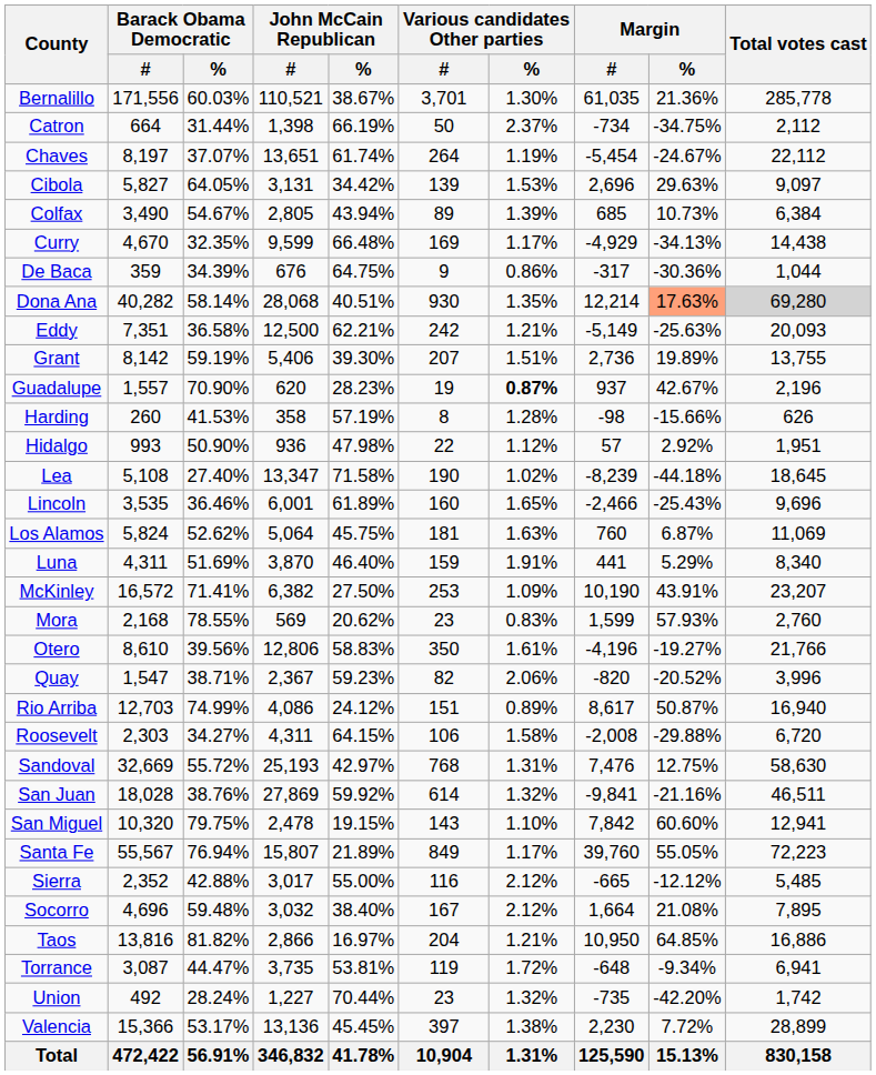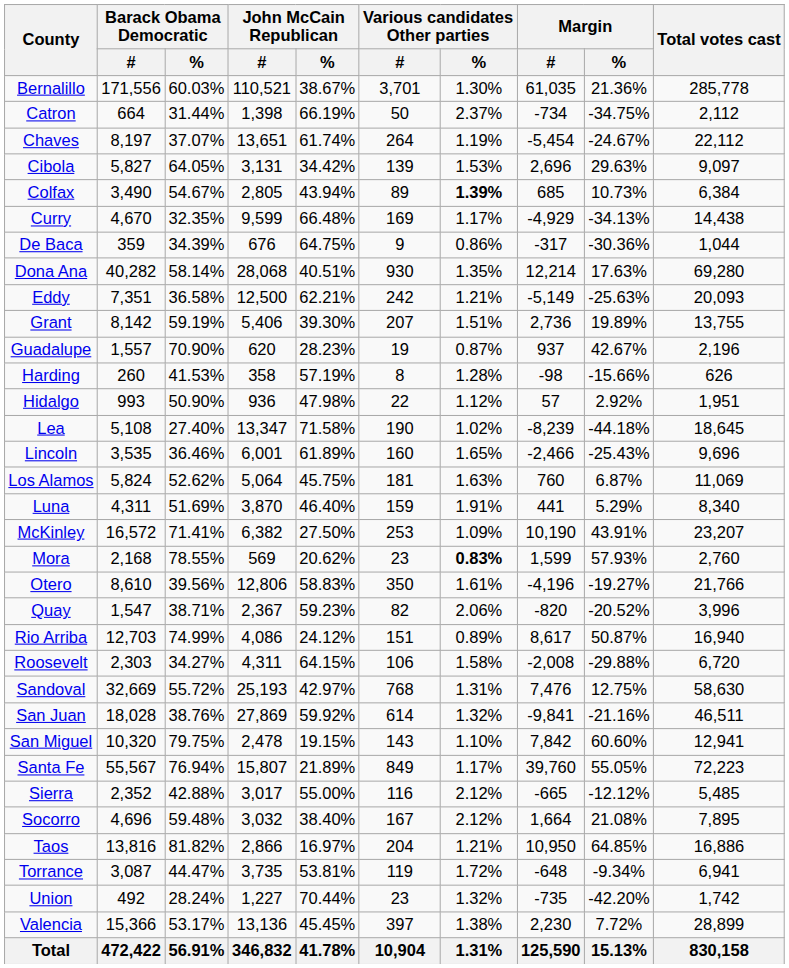 <table width="60%"  class="wikitable sortable" style="text-align:center">
 <tr>
 <th style="text-align:center;" rowspan="2">County</th>
 <th style="text-align:center;" colspan="2">Barack Obama<br>Democratic</th>
 <th style="text-align:center;" colspan="2">John McCain<br>Republican</th>
 <th style="text-align:center;" colspan="2">Various candidates<br>Other parties</th>
 <th style="text-align:center;" colspan="2">Margin</th>
 <th style="text-align:center;" rowspan="2">Total votes cast</th>
 </tr>
 <tr>
 <th style="text-align:center;" data-sort-type="number">#</th>
 <th style="text-align:center;" data-sort-type="number">%</th>
 <th style="text-align:center;" data-sort-type="number">#</th>
 <th style="text-align:center;" data-sort-type="number">%</th>
 <th style="text-align:center;" data-sort-type="number">#</th>
 <th style="text-align:center;" data-sort-type="number">%</th>
 <th style="text-align:center;" data-sort-type="number">#</th>
 <th style="text-align:center;" data-sort-type="number">%</th>
 </tr>
 <tr style="text-align:center;">
 <td><a href='#'>Bernalillo</a></td>
 <td>171,556</td>
 <td>60.03%</td>
 <td>110,521</td>
 <td>38.67%</td>
 <td>3,701</td>
 <td>1.30%</td>
 <td>61,035</td>
 <td>21.36%</td>
 <td>285,778</td>
 </tr>
 <tr style="text-align:center;">
 <td><a href='#'>Catron</a></td>
 <td>664</td>
 <td>31.44%</td>
 <td>1,398</td>
 <td>66.19%</td>
 <td>50</td>
 <td>2.37%</td>
 <td>-734</td>
 <td>-34.75%</td>
 <td>2,112</td>
 </tr>
 <tr style="text-align:center;">
 <td><a href='#'>Chaves</a></td>
 <td>8,197</td>
 <td>37.07%</td>
 <td>13,651</td>
 <td>61.74%</td>
 <td>264</td>
 <td>1.19%</td>
 <td>-5,454</td>
 <td>-24.67%</td>
 <td>22,112</td>
 </tr>
 <tr style="text-align:center;">
 <td><a href='#'>Cibola</a></td>
 <td>5,827</td>
 <td>64.05%</td>
 <td>3,131</td>
 <td>34.42%</td>
 <td>139</td>
 <td>1.53%</td>
 <td>2,696</td>
 <td>29.63%</td>
 <td>9,097</td>
 </tr>
 <tr style="text-align:center;">
 <td><a href='#'>Colfax</a></td>
 <td>3,490</td>
 <td>54.67%</td>
 <td>2,805</td>
 <td>43.94%</td>
 <td>89</td>
-<td>1.39%</td>
+<td><strong>1.39%</strong></td>
 <td>685</td>
 <td>10.73%</td>
 <td>6,384</td>
 </tr>
 <tr style="text-align:center;">
 <td><a href='#'>Curry</a></td>
 <td>4,670</td>
 <td>32.35%</td>
 <td>9,599</td>
 <td>66.48%</td>
 <td>169</td>
 <td>1.17%</td>
 <td>-4,929</td>
 <td>-34.13%</td>
 <td>14,438</td>
 </tr>
 <tr style="text-align:center;">
 <td><a href='#'>De Baca</a></td>
 <td>359</td>
 <td>34.39%</td>
 <td>676</td>
 <td>64.75%</td>
 <td>9</td>
 <td>0.86%</td>
 <td>-317</td>
 <td>-30.36%</td>
 <td>1,044</td>
 </tr>
 <tr style="text-align:center;">
 <td><a href='#'>Dona Ana</a></td>
 <td>40,282</td>
 <td>58.14%</td>
 <td>28,068</td>
 <td>40.51%</td>
 <td>930</td>
 <td>1.35%</td>
 <td>12,214</td>
-<td style="background: lightsalmon;">17.63%</td>
-<td style="background: lightgrey;">69,280</td>
+<td>17.63%</td>
+<td>69,280</td>
 </tr>
 <tr style="text-align:center;">
 <td><a href='#'>Eddy</a></td>
 <td>7,351</td>
 <td>36.58%</td>
 <td>12,500</td>
 <td>62.21%</td>
 <td>242</td>
 <td>1.21%</td>
 <td>-5,149</td>
 <td>-25.63%</td>
 <td>20,093</td>
 </tr>
 <tr style="text-align:center;">
 <td><a href='#'>Grant</a></td>
 <td>8,142</td>
 <td>59.19%</td>
 <td>5,406</td>
 <td>39.30%</td>
 <td>207</td>
 <td>1.51%</td>
 <td>2,736</td>
 <td>19.89%</td>
 <td>13,755</td>
 </tr>
 <tr style="text-align:center;">
 <td><a href='#'>Guadalupe</a></td>
 <td>1,557</td>
 <td>70.90%</td>
 <td>620</td>
 <td>28.23%</td>
 <td>19</td>
-<td><strong>0.87%</strong></td>
+<td>0.87%</td>
 <td>937</td>
 <td>42.67%</td>
 <td>2,196</td>
 </tr>
 <tr style="text-align:center;">
 <td><a href='#'>Harding</a></td>
 <td>260</td>
 <td>41.53%</td>
 <td>358</td>
 <td>57.19%</td>
 <td>8</td>
 <td>1.28%</td>
 <td>-98</td>
 <td>-15.66%</td>
 <td>626</td>
 </tr>
 <tr style="text-align:center;">
 <td><a href='#'>Hidalgo</a></td>
 <td>993</td>
 <td>50.90%</td>
 <td>936</td>
 <td>47.98%</td>
 <td>22</td>
 <td>1.12%</td>
 <td>57</td>
 <td>2.92%</td>
 <td>1,951</td>
 </tr>
 <tr style="text-align:center;">
 <td><a href='#'>Lea</a></td>
 <td>5,108</td>
 <td>27.40%</td>
 <td>13,347</td>
 <td>71.58%</td>
 <td>190</td>
 <td>1.02%</td>
 <td>-8,239</td>
 <td>-44.18%</td>
 <td>18,645</td>
 </tr>
 <tr style="text-align:center;">
 <td><a href='#'>Lincoln</a></td>
 <td>3,535</td>
 <td>36.46%</td>
 <td>6,001</td>
 <td>61.89%</td>
 <td>160</td>
 <td>1.65%</td>
 <td>-2,466</td>
 <td>-25.43%</td>
 <td>9,696</td>
 </tr>
 <tr style="text-align:center;">
 <td><a href='#'>Los Alamos</a></td>
 <td>5,824</td>
 <td>52.62%</td>
 <td>5,064</td>
 <td>45.75%</td>
 <td>181</td>
 <td>1.63%</td>
 <td>760</td>
 <td>6.87%</td>
 <td>11,069</td>
 </tr>
 <tr style="text-align:center;">
 <td><a href='#'>Luna</a></td>
 <td>4,311</td>
 <td>51.69%</td>
 <td>3,870</td>
 <td>46.40%</td>
 <td>159</td>
 <td>1.91%</td>
 <td>441</td>
 <td>5.29%</td>
 <td>8,340</td>
 </tr>
 <tr style="text-align:center;">
 <td><a href='#'>McKinley</a></td>
 <td>16,572</td>
 <td>71.41%</td>
 <td>6,382</td>
 <td>27.50%</td>
 <td>253</td>
 <td>1.09%</td>
 <td>10,190</td>
 <td>43.91%</td>
 <td>23,207</td>
 </tr>
 <tr style="text-align:center;">
 <td><a href='#'>Mora</a></td>
 <td>2,168</td>
 <td>78.55%</td>
 <td>569</td>
 <td>20.62%</td>
 <td>23</td>
-<td>0.83%</td>
+<td><strong>0.83%</strong></td>
 <td>1,599</td>
 <td>57.93%</td>
 <td>2,760</td>
 </tr>
 <tr style="text-align:center;">
 <td><a href='#'>Otero</a></td>
 <td>8,610</td>
 <td>39.56%</td>
 <td>12,806</td>
 <td>58.83%</td>
 <td>350</td>
 <td>1.61%</td>
 <td>-4,196</td>
 <td>-19.27%</td>
 <td>21,766</td>
 </tr>
 <tr style="text-align:center;">
 <td><a href='#'>Quay</a></td>
 <td>1,547</td>
 <td>38.71%</td>
 <td>2,367</td>
 <td>59.23%</td>
 <td>82</td>
 <td>2.06%</td>
 <td>-820</td>
 <td>-20.52%</td>
 <td>3,996</td>
 </tr>
 <tr style="text-align:center;">
 <td><a href='#'>Rio Arriba</a></td>
 <td>12,703</td>
 <td>74.99%</td>
 <td>4,086</td>
 <td>24.12%</td>
 <td>151</td>
 <td>0.89%</td>
 <td>8,617</td>
 <td>50.87%</td>
 <td>16,940</td>
 </tr>
 <tr style="text-align:center;">
 <td><a href='#'>Roosevelt</a></td>
 <td>2,303</td>
 <td>34.27%</td>
 <td>4,311</td>
 <td>64.15%</td>
 <td>106</td>
 <td>1.58%</td>
 <td>-2,008</td>
 <td>-29.88%</td>
 <td>6,720</td>
 </tr>
 <tr style="text-align:center;">
 <td><a href='#'>Sandoval</a></td>
 <td>32,669</td>
 <td>55.72%</td>
 <td>25,193</td>
 <td>42.97%</td>
 <td>768</td>
 <td>1.31%</td>
 <td>7,476</td>
 <td>12.75%</td>
 <td>58,630</td>
 </tr>
 <tr style="text-align:center;">
 <td><a href='#'>San Juan</a></td>
 <td>18,028</td>
 <td>38.76%</td>
 <td>27,869</td>
 <td>59.92%</td>
 <td>614</td>
 <td>1.32%</td>
 <td>-9,841</td>
 <td>-21.16%</td>
 <td>46,511</td>
 </tr>
 <tr style="text-align:center;">
 <td><a href='#'>San Miguel</a></td>
 <td>10,320</td>
 <td>79.75%</td>
 <td>2,478</td>
 <td>19.15%</td>
 <td>143</td>
 <td>1.10%</td>
 <td>7,842</td>
 <td>60.60%</td>
 <td>12,941</td>
 </tr>
 <tr style="text-align:center;">
 <td><a href='#'>Santa Fe</a></td>
 <td>55,567</td>
 <td>76.94%</td>
 <td>15,807</td>
 <td>21.89%</td>
 <td>849</td>
 <td>1.17%</td>
 <td>39,760</td>
 <td>55.05%</td>
 <td>72,223</td>
 </tr>
 <tr style="text-align:center;">
 <td><a href='#'>Sierra</a></td>
 <td>2,352</td>
 <td>42.88%</td>
 <td>3,017</td>
 <td>55.00%</td>
 <td>116</td>
 <td>2.12%</td>
 <td>-665</td>
 <td>-12.12%</td>
 <td>5,485</td>
 </tr>
 <tr style="text-align:center;">
 <td><a href='#'>Socorro</a></td>
 <td>4,696</td>
 <td>59.48%</td>
 <td>3,032</td>
 <td>38.40%</td>
 <td>167</td>
 <td>2.12%</td>
 <td>1,664</td>
 <td>21.08%</td>
 <td>7,895</td>
 </tr>
 <tr style="text-align:center;">
 <td><a href='#'>Taos</a></td>
 <td>13,816</td>
 <td>81.82%</td>
 <td>2,866</td>
 <td>16.97%</td>
 <td>204</td>
 <td>1.21%</td>
 <td>10,950</td>
 <td>64.85%</td>
 <td>16,886</td>
 </tr>
 <tr style="text-align:center;">
 <td><a href='#'>Torrance</a></td>
 <td>3,087</td>
 <td>44.47%</td>
 <td>3,735</td>
 <td>53.81%</td>
 <td>119</td>
 <td>1.72%</td>
 <td>-648</td>
 <td>-9.34%</td>
 <td>6,941</td>
 </tr>
 <tr style="text-align:center;">
 <td><a href='#'>Union</a></td>
 <td>492</td>
 <td>28.24%</td>
 <td>1,227</td>
 <td>70.44%</td>
 <td>23</td>
 <td>1.32%</td>
 <td>-735</td>
 <td>-42.20%</td>
 <td>1,742</td>
 </tr>
 <tr style="text-align:center;">
 <td><a href='#'>Valencia</a></td>
 <td>15,366</td>
 <td>53.17%</td>
 <td>13,136</td>
 <td>45.45%</td>
 <td>397</td>
 <td>1.38%</td>
 <td>2,230</td>
 <td>7.72%</td>
 <td>28,899</td>
 </tr>
 <tr>
 <th>Total</th>
 <th>472,422</th>
 <th>56.91%</th>
 <th>346,832</th>
 <th>41.78%</th>
 <th>10,904</th>
 <th>1.31%</th>
 <th>125,590</th>
 <th>15.13%</th>
 <th>830,158</th>
 </tr>
 </table>
